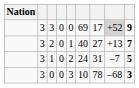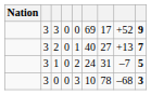 <table class="wikitable" style="text-align: center;">
 <tr>
 <th>Nation</th>
 <th></th>
 <th></th>
 <th></th>
 <th></th>
 <th></th>
 <th></th>
 <th></th>
 <th></th>
 </tr>
 <tr>
 <td align="left"></td>
 <td>3</td>
 <td>3</td>
 <td>0</td>
 <td>0</td>
 <td>69</td>
 <td>17</td>
-<td style="background: lightgrey;">+52</td>
+<td>+52</td>
 <td><strong>9</strong></td>
 </tr>
 <tr>
 <td align="left"></td>
 <td>3</td>
 <td>2</td>
 <td>0</td>
 <td>1</td>
 <td>40</td>
 <td>27</td>
 <td>+13</td>
 <td><strong>7</strong></td>
 </tr>
 <tr>
 <td align="left"></td>
 <td>3</td>
 <td>1</td>
 <td>0</td>
 <td>2</td>
 <td>24</td>
 <td>31</td>
 <td>–7</td>
 <td><strong>5</strong></td>
 </tr>
 <tr>
 <td align="left"></td>
 <td>3</td>
 <td>0</td>
 <td>0</td>
 <td>3</td>
 <td>10</td>
 <td>78</td>
 <td>–68</td>
 <td><strong>3</strong></td>
 </tr>
 </table>
